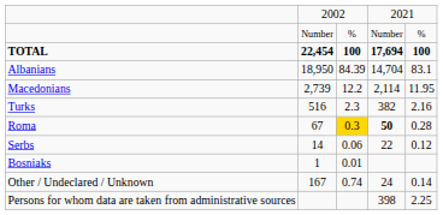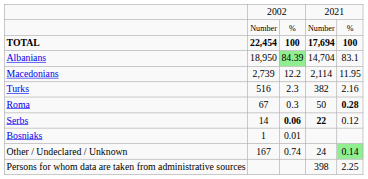 <table class="wikitable">
 <tr>
 <td></td>
 <td colspan="2" align="center">2002</td>
 <td colspan="2" align="center">2021</td>
 </tr>
 <tr>
 <td></td>
 <td align="center"><small>Number</small></td>
 <td align="center"><small>%</small></td>
 <td align="center"><small>Number</small></td>
 <td align="center"><small>%</small></td>
 </tr>
 <tr>
 <td><strong>TOTAL</strong></td>
 <td align="center"><strong>22,454</strong></td>
 <td align="center"><strong>100</strong></td>
 <td align="center"><strong>17,694</strong></td>
 <td align="center"><strong>100</strong></td>
 </tr>
 <tr>
 <td><a href='#'>Albanians</a></td>
 <td align="center">18,950</td>
-<td align="center">84.39</td>
+<td align="center" style="background: lightgreen;">84.39</td>
 <td align="center">14,704</td>
 <td align="center">83.1</td>
 </tr>
 <tr>
 <td><a href='#'>Macedonians</a></td>
 <td align="center">2,739</td>
 <td align="center">12.2</td>
 <td align="center">2,114</td>
 <td align="center">11.95</td>
 </tr>
 <tr>
 <td><a href='#'>Turks</a></td>
 <td align="center">516</td>
 <td align="center">2.3</td>
 <td align="center">382</td>
 <td align="center">2.16</td>
 </tr>
 <tr>
 <td><a href='#'>Roma</a></td>
 <td align="center">67</td>
-<td align="center" style="background: gold;">0.3</td>
-<td align="center"><strong>50</strong></td>
-<td align="center">0.28</td>
+<td align="center">0.3</td>
+<td align="center">50</td>
+<td align="center"><strong>0.28</strong></td>
 </tr>
 <tr>
 <td><a href='#'>Serbs</a></td>
 <td align="center">14</td>
-<td align="center">0.06</td>
-<td align="center">22</td>
+<td align="center"><strong>0.06</strong></td>
+<td align="center"><strong>22</strong></td>
 <td align="center">0.12</td>
 </tr>
 <tr>
 <td><a href='#'>Bosniaks</a></td>
 <td align="center">1</td>
 <td align="center">0.01</td>
 <td align="center"></td>
 <td align="center"></td>
 </tr>
 <tr>
 <td>Other / Undeclared / Unknown</td>
 <td align="center">167</td>
 <td align="center">0.74</td>
 <td align="center">24</td>
-<td align="center">0.14</td>
+<td align="center" style="background: lightgreen;">0.14</td>
 </tr>
 <tr>
 <td>Persons for whom data are taken from administrative sources</td>
 <td align="center"></td>
 <td align="center"></td>
 <td align="center">398</td>
 <td align="center">2.25</td>
 </tr>
 </table>
